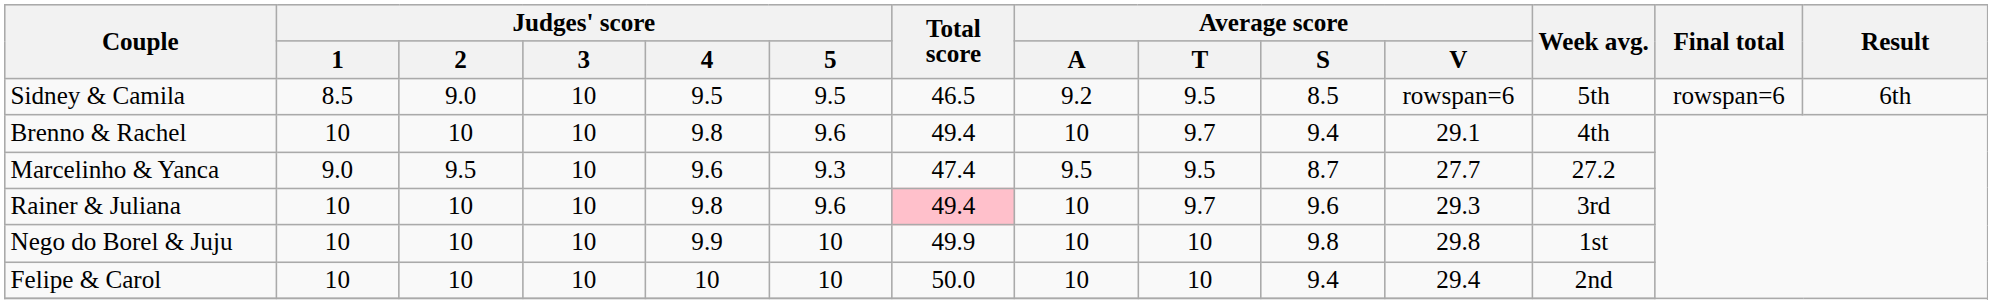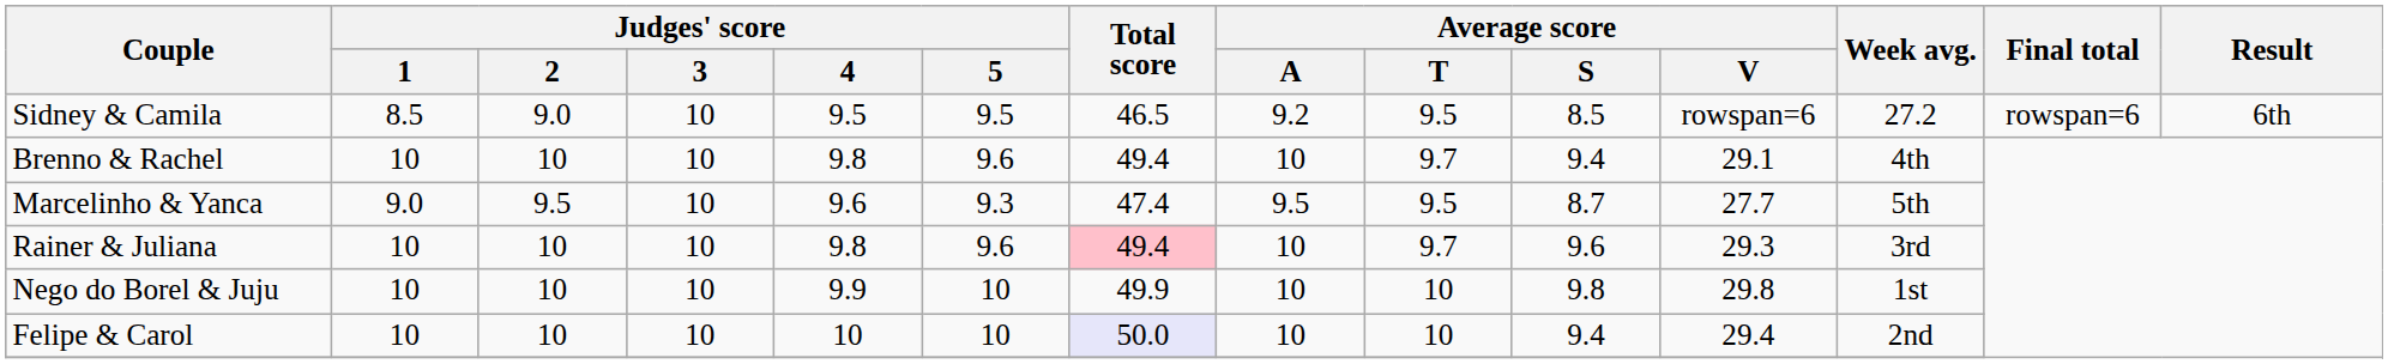 <table class="wikitable" style="font-size:100%; line-height:16px; text-align:center" width="100%">
 <tr>
 <th rowspan=2 style="width:11.0%;">Couple</th>
 <th colspan=5 style="width:25.0%;">Judges' score</th>
 <th rowspan=2 style="width:05.0%;">Total score</th>
 <th colspan=4 style="width:20.0%;">Average score</th>
 <th rowspan=2 style="width:05.0%;">Week avg.</th>
 <th rowspan=2 style="width:05.0%;">Final total</th>
 <th rowspan=2 style="width:07.5%;">Result</th>
 </tr>
 <tr>
 <th style="width:05.0%;">1</th>
 <th style="width:05.0%;">2</th>
 <th style="width:05.0%;">3</th>
 <th style="width:05.0%;">4</th>
 <th style="width:05.0%;">5</th>
 <th style="width:05.0%;">A</th>
 <th style="width:05.0%;">T</th>
 <th style="width:05.0%;">S</th>
 <th style="width:05.0%;">V</th>
 </tr>
 <tr>
 <td align="left">Sidney & Camila</td>
 <td>8.5</td>
 <td>9.0</td>
 <td>10</td>
 <td>9.5</td>
 <td>9.5</td>
 <td>46.5</td>
 <td>9.2</td>
 <td>9.5</td>
 <td>8.5</td>
 <td>rowspan=6 </td>
-<td>5th</td>
+<td>27.2</td>
 <td>rowspan=6 </td>
 <td>6th</td>
 </tr>
 <tr>
 <td align="left">Brenno & Rachel</td>
 <td>10</td>
 <td>10</td>
 <td>10</td>
 <td>9.8</td>
 <td>9.6</td>
 <td>49.4</td>
 <td>10</td>
 <td>9.7</td>
 <td>9.4</td>
 <td>29.1</td>
 <td>4th</td>
 </tr>
 <tr>
 <td align="left">Marcelinho & Yanca</td>
 <td>9.0</td>
 <td>9.5</td>
 <td>10</td>
 <td>9.6</td>
 <td>9.3</td>
 <td>47.4</td>
 <td>9.5</td>
 <td>9.5</td>
 <td>8.7</td>
 <td>27.7</td>
-<td>27.2</td>
+<td>5th</td>
 </tr>
 <tr>
 <td align="left">Rainer & Juliana</td>
 <td>10</td>
 <td>10</td>
 <td>10</td>
 <td>9.8</td>
 <td>9.6</td>
 <td style="background: pink;">49.4</td>
 <td>10</td>
 <td>9.7</td>
 <td>9.6</td>
 <td>29.3</td>
 <td>3rd</td>
 </tr>
 <tr>
 <td align="left">Nego do Borel & Juju</td>
 <td>10</td>
 <td>10</td>
 <td>10</td>
 <td>9.9</td>
 <td>10</td>
 <td>49.9</td>
 <td>10</td>
 <td>10</td>
 <td>9.8</td>
 <td>29.8</td>
 <td>1st</td>
 </tr>
 <tr>
 <td align="left">Felipe & Carol</td>
 <td>10</td>
 <td>10</td>
 <td>10</td>
 <td>10</td>
 <td>10</td>
-<td>50.0</td>
+<td style="background: lavender;">50.0</td>
 <td>10</td>
 <td>10</td>
 <td>9.4</td>
 <td>29.4</td>
 <td>2nd</td>
 </tr>
 <tr>
 </tr>
 </table>
